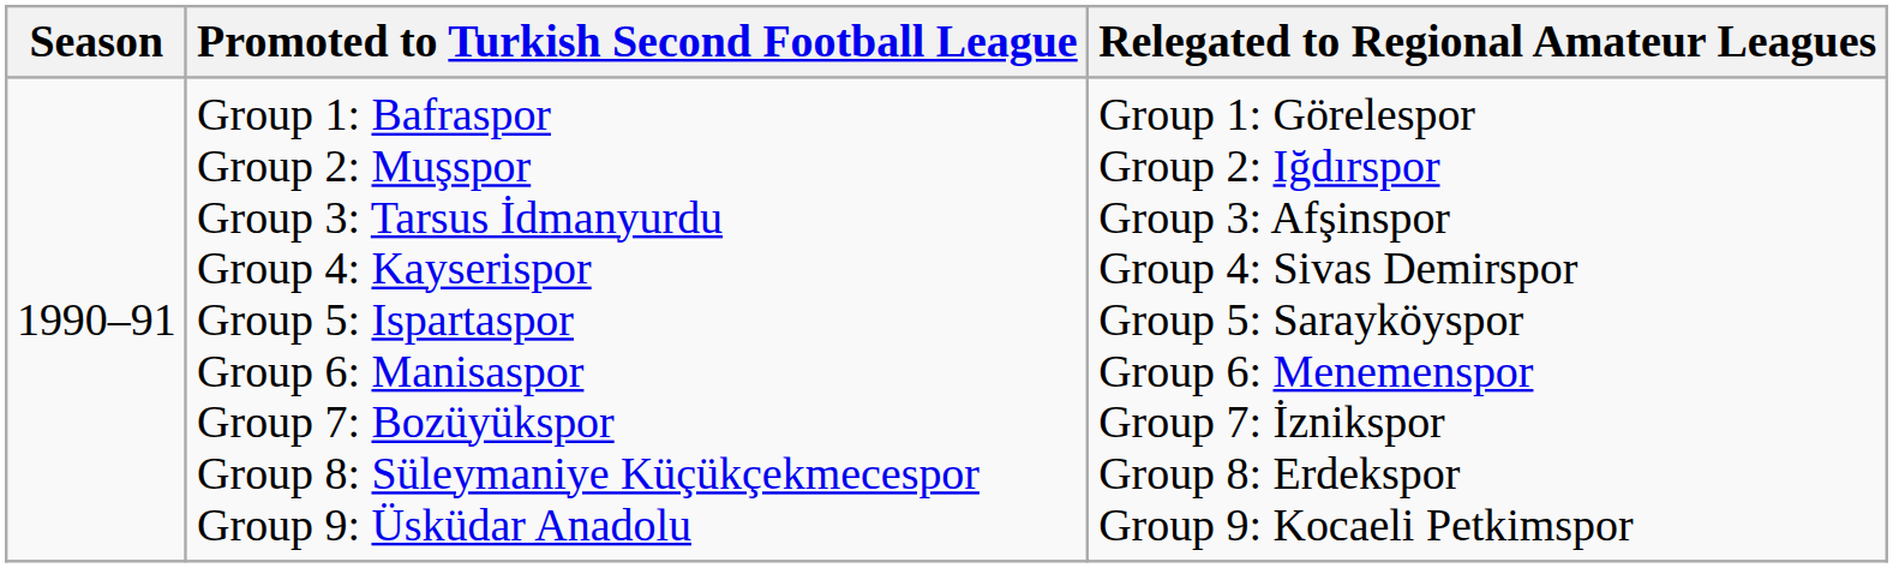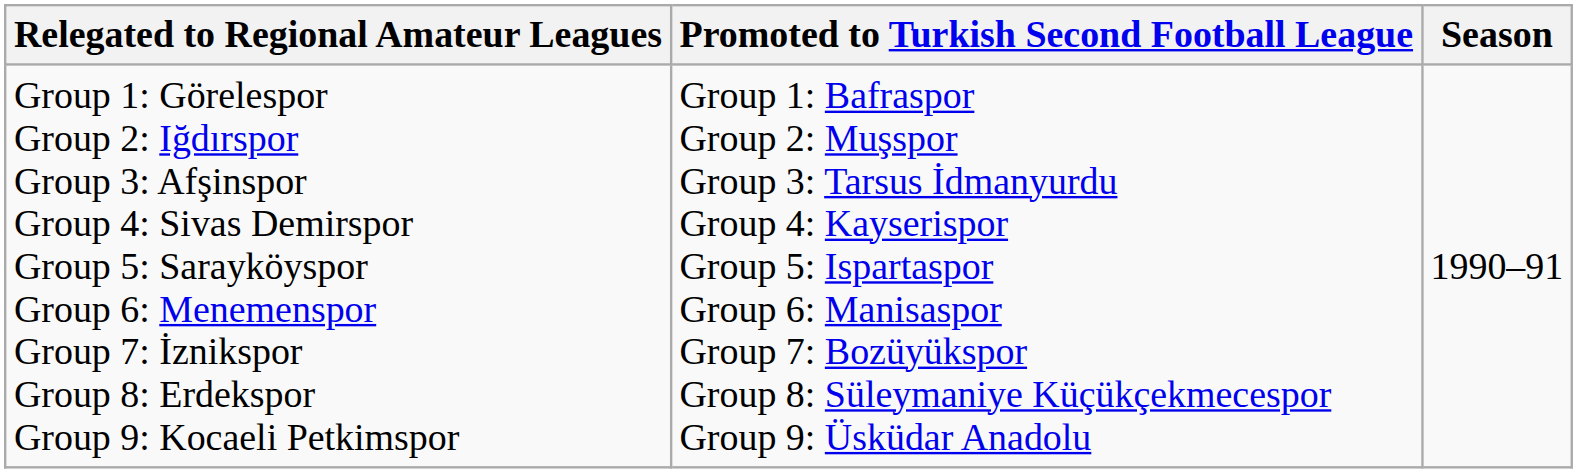 <table class="wikitable">
 <tr>
+<th>Relegated to Regional Amateur Leagues</th>
+<th>Promoted to <a href='#'>Turkish Second Football League</a></th>
 <th>Season</th>
-<th>Promoted to <a href='#'>Turkish Second Football League</a></th>
-<th>Relegated to Regional Amateur Leagues</th>
 </tr>
 <tr>
+<td>Group 1: Görelespor<br>Group 2: <a href='#'>Iğdırspor</a><br>Group 3: Afşinspor<br>Group 4: Sivas Demirspor<br>Group 5: Sarayköyspor<br>Group 6: <a href='#'>Menemenspor</a><br>Group 7: İznikspor<br>Group 8: Erdekspor<br>Group 9: Kocaeli Petkimspor</td>
+<td>Group 1: <a href='#'>Bafraspor</a><br>Group 2: <a href='#'>Muşspor</a><br>Group 3: <a href='#'>Tarsus İdmanyurdu</a><br>Group 4: <a href='#'>Kayserispor</a><br>Group 5: <a href='#'>Ispartaspor</a><br>Group 6: <a href='#'>Manisaspor</a><br>Group 7: <a href='#'>Bozüyükspor</a><br>Group 8: <a href='#'>Süleymaniye Küçükçekmecespor</a><br>Group 9: <a href='#'>Üsküdar Anadolu</a></td>
 <td>1990–91</td>
-<td>Group 1: <a href='#'>Bafraspor</a><br>Group 2: <a href='#'>Muşspor</a><br>Group 3: <a href='#'>Tarsus İdmanyurdu</a><br>Group 4: <a href='#'>Kayserispor</a><br>Group 5: <a href='#'>Ispartaspor</a><br>Group 6: <a href='#'>Manisaspor</a><br>Group 7: <a href='#'>Bozüyükspor</a><br>Group 8: <a href='#'>Süleymaniye Küçükçekmecespor</a><br>Group 9: <a href='#'>Üsküdar Anadolu</a></td>
-<td>Group 1: Görelespor<br>Group 2: <a href='#'>Iğdırspor</a><br>Group 3: Afşinspor<br>Group 4: Sivas Demirspor<br>Group 5: Sarayköyspor<br>Group 6: <a href='#'>Menemenspor</a><br>Group 7: İznikspor<br>Group 8: Erdekspor<br>Group 9: Kocaeli Petkimspor</td>
 </tr>
 </table>
